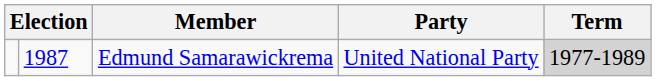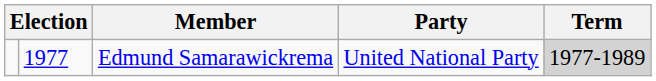 <table class="wikitable">
 <tr>
 <th colspan="2">Election</th>
 <th>Member</th>
 <th>Party</th>
 <th>Term</th>
 </tr>
 <tr>
 <td style="background-color: "></td>
-<td><a href='#'>1987</a></td>
+<td><a href='#'>1977</a></td>
 <td><a href='#'>Edmund Samarawickrema</a></td>
 <td><a href='#'>United National Party</a></td>
 <td style="background: lightgrey;">1977-1989</td>
 </tr>
 </table>
